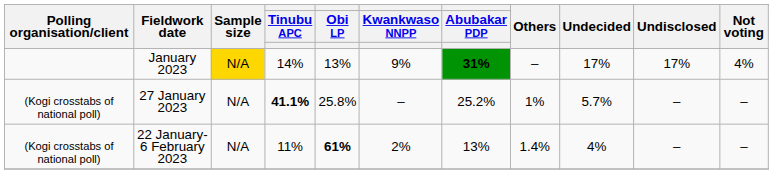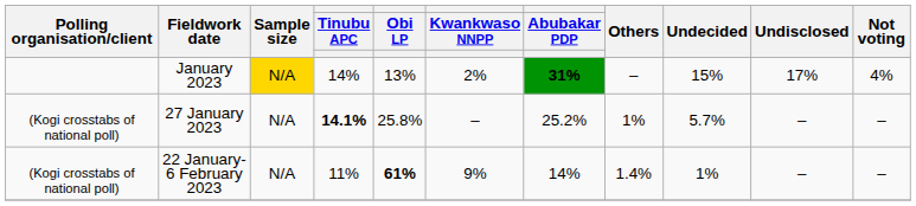 <table class="wikitable" style="text-align:center;font-size:95%;line-height:14px;">
 <tr>
 <th rowspan="3">Polling organisation/client</th>
 <th rowspan="3">Fieldwork<br>date</th>
 <th rowspan="3">Sample<br>size</th>
 <th></th>
 <th></th>
 <th></th>
 <th></th>
 <th rowspan="3">Others</th>
 <th rowspan="3">Undecided</th>
 <th rowspan="3">Undisclosed</th>
 <th rowspan="3">Not voting</th>
 </tr>
 <tr>
 <th><a href='#'>Tinubu</a><br><small><a href='#'>APC</a></small></th>
 <th><a href='#'>Obi</a><br><small><a href='#'>LP</a></small></th>
 <th><a href='#'>Kwankwaso</a><br><small><a href='#'>NNPP</a></small></th>
 <th><a href='#'>Abubakar</a><br><small><a href='#'>PDP</a></small></th>
 </tr>
 <tr>
 <th style="background:"></th>
 <th style="background:"></th>
 <th style="background:"></th>
 <th style="background:"></th>
 </tr>
 <tr>
 <td></td>
 <td>January 2023</td>
 <td style="background: gold;">N/A</td>
 <td>14%</td>
 <td>13%</td>
-<td>9%</td>
+<td>2%</td>
 <td bgcolor=#009404><strong>31%</strong></td>
 <td>–</td>
-<td>17%</td>
+<td>15%</td>
 <td>17%</td>
 <td>4%</td>
 </tr>
 <tr>
 <td><br><small>(Kogi crosstabs of national poll)</small></td>
 <td>27 January 2023</td>
 <td>N/A</td>
-<td><strong>41.1%</strong></td>
+<td><strong>14.1%</strong></td>
 <td>25.8%</td>
 <td>–</td>
 <td>25.2%</td>
 <td>1%</td>
 <td>5.7%</td>
 <td>–</td>
 <td>–</td>
 </tr>
 <tr>
 <td><br><small>(Kogi crosstabs of national poll)</small></td>
 <td>22 January-6 February 2023</td>
 <td>N/A</td>
 <td>11%</td>
 <td><strong>61%</strong></td>
-<td>2%</td>
-<td>13%</td>
+<td>9%</td>
+<td>14%</td>
 <td>1.4%</td>
-<td>4%</td>
+<td>1%</td>
 <td>–</td>
 <td>–</td>
 </tr>
 <tr>
 </tr>
 </table>
